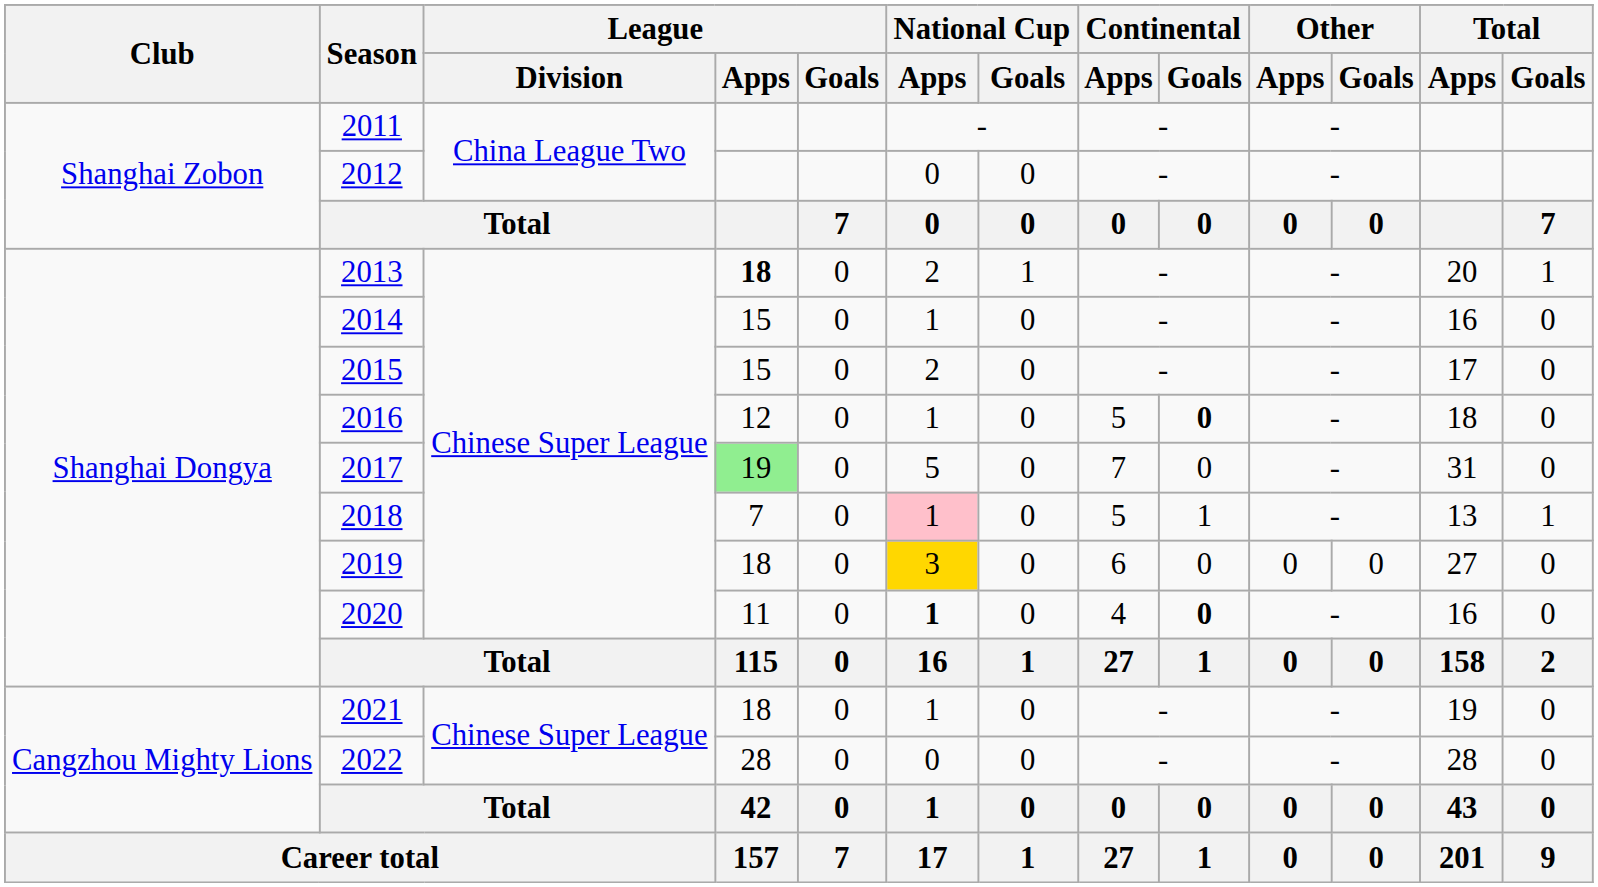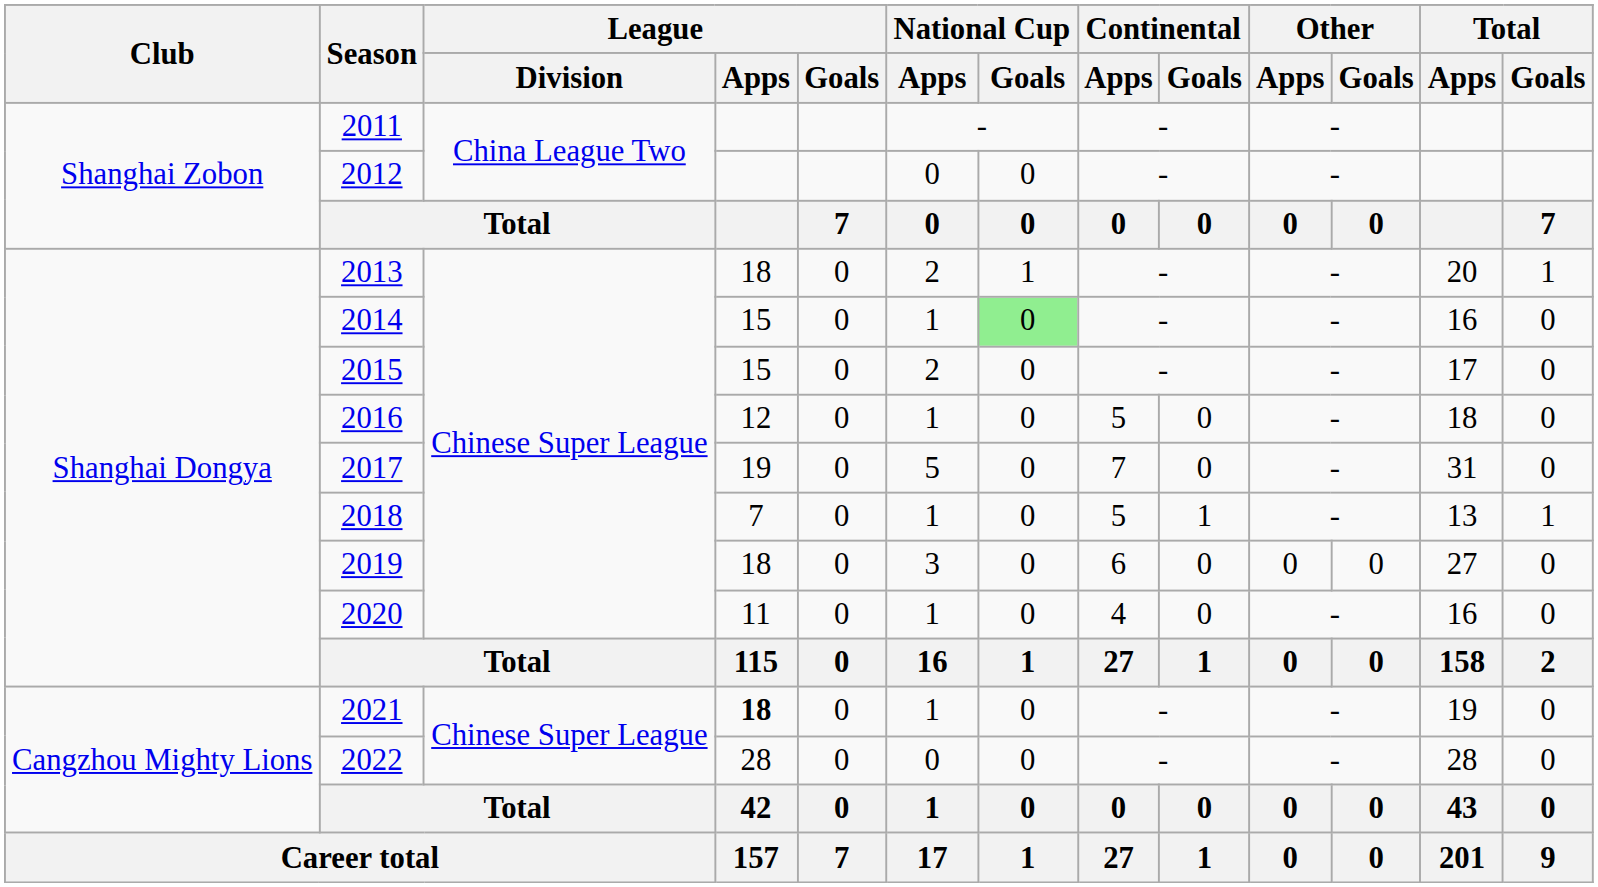 <table class="wikitable" style="text-align: center">
 <tr>
 <th rowspan="2">Club</th>
 <th rowspan="2">Season</th>
 <th colspan="3">League</th>
 <th colspan="2">National Cup</th>
 <th colspan="2">Continental</th>
 <th colspan="2">Other</th>
 <th colspan="2">Total</th>
 </tr>
 <tr>
 <th>Division</th>
 <th>Apps</th>
 <th>Goals</th>
 <th>Apps</th>
 <th>Goals</th>
 <th>Apps</th>
 <th>Goals</th>
 <th>Apps</th>
 <th>Goals</th>
 <th>Apps</th>
 <th>Goals</th>
 </tr>
 <tr>
 <td rowspan=3><a href='#'>Shanghai Zobon</a></td>
 <td><a href='#'>2011</a></td>
 <td rowspan="2"><a href='#'>China League Two</a></td>
 <td></td>
 <td></td>
 <td colspan="2">-</td>
 <td colspan="2">-</td>
 <td colspan="2">-</td>
 <td></td>
 <td></td>
 </tr>
 <tr>
 <td><a href='#'>2012</a></td>
 <td></td>
 <td></td>
 <td>0</td>
 <td>0</td>
 <td colspan="2">-</td>
 <td colspan="2">-</td>
 <td></td>
 <td></td>
 </tr>
 <tr>
 <th colspan=2>Total</th>
 <th></th>
 <th>7</th>
 <th>0</th>
 <th>0</th>
 <th>0</th>
 <th>0</th>
 <th>0</th>
 <th>0</th>
 <th></th>
 <th>7</th>
 </tr>
 <tr>
 <td rowspan=9><a href='#'>Shanghai Dongya</a></td>
 <td><a href='#'>2013</a></td>
 <td rowspan=8><a href='#'>Chinese Super League</a></td>
-<td><strong>18</strong></td>
+<td>18</td>
 <td>0</td>
 <td>2</td>
 <td>1</td>
 <td colspan="2">-</td>
 <td colspan="2">-</td>
 <td>20</td>
 <td>1</td>
 </tr>
 <tr>
 <td><a href='#'>2014</a></td>
 <td>15</td>
 <td>0</td>
 <td>1</td>
-<td>0</td>
+<td style="background: lightgreen;">0</td>
 <td colspan="2">-</td>
 <td colspan="2">-</td>
 <td>16</td>
 <td>0</td>
 </tr>
 <tr>
 <td><a href='#'>2015</a></td>
 <td>15</td>
 <td>0</td>
 <td>2</td>
 <td>0</td>
 <td colspan="2">-</td>
 <td colspan="2">-</td>
 <td>17</td>
 <td>0</td>
 </tr>
 <tr>
 <td><a href='#'>2016</a></td>
 <td>12</td>
 <td>0</td>
 <td>1</td>
 <td>0</td>
 <td>5</td>
-<td><strong>0</strong></td>
+<td>0</td>
 <td colspan="2">-</td>
 <td>18</td>
 <td>0</td>
 </tr>
 <tr>
 <td><a href='#'>2017</a></td>
-<td style="background: lightgreen;">19</td>
+<td>19</td>
 <td>0</td>
 <td>5</td>
 <td>0</td>
 <td>7</td>
 <td>0</td>
 <td colspan="2">-</td>
 <td>31</td>
 <td>0</td>
 </tr>
 <tr>
 <td><a href='#'>2018</a></td>
 <td>7</td>
 <td>0</td>
-<td style="background: pink;">1</td>
+<td>1</td>
 <td>0</td>
 <td>5</td>
 <td>1</td>
 <td colspan="2">-</td>
 <td>13</td>
 <td>1</td>
 </tr>
 <tr>
 <td><a href='#'>2019</a></td>
 <td>18</td>
 <td>0</td>
-<td style="background: gold;">3</td>
+<td>3</td>
 <td>0</td>
 <td>6</td>
 <td>0</td>
 <td>0</td>
 <td>0</td>
 <td>27</td>
 <td>0</td>
 </tr>
 <tr>
 <td><a href='#'>2020</a></td>
 <td>11</td>
 <td>0</td>
-<td><strong>1</strong></td>
+<td>1</td>
 <td>0</td>
 <td>4</td>
-<td><strong>0</strong></td>
+<td>0</td>
 <td colspan="2">-</td>
 <td>16</td>
 <td>0</td>
 </tr>
 <tr>
 <th colspan=2>Total</th>
 <th>115</th>
 <th>0</th>
 <th>16</th>
 <th>1</th>
 <th>27</th>
 <th>1</th>
 <th>0</th>
 <th>0</th>
 <th>158</th>
 <th>2</th>
 </tr>
 <tr>
 <td rowspan=3><a href='#'>Cangzhou Mighty Lions</a></td>
 <td><a href='#'>2021</a></td>
 <td rowspan=2><a href='#'>Chinese Super League</a></td>
-<td>18</td>
+<td><strong>18</strong></td>
 <td>0</td>
 <td>1</td>
 <td>0</td>
 <td colspan="2">-</td>
 <td colspan="2">-</td>
 <td>19</td>
 <td>0</td>
 </tr>
 <tr>
 <td><a href='#'>2022</a></td>
 <td>28</td>
 <td>0</td>
 <td>0</td>
 <td>0</td>
 <td colspan="2">-</td>
 <td colspan="2">-</td>
 <td>28</td>
 <td>0</td>
 </tr>
 <tr>
 <th colspan=2>Total</th>
 <th>42</th>
 <th>0</th>
 <th>1</th>
 <th>0</th>
 <th>0</th>
 <th>0</th>
 <th>0</th>
 <th>0</th>
 <th>43</th>
 <th>0</th>
 </tr>
 <tr>
 <th colspan=3>Career total</th>
 <th>157</th>
 <th>7</th>
 <th>17</th>
 <th>1</th>
 <th>27</th>
 <th>1</th>
 <th>0</th>
 <th>0</th>
 <th>201</th>
 <th>9</th>
 </tr>
 </table>
